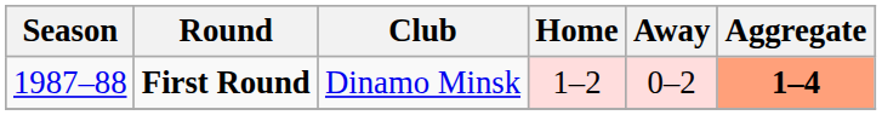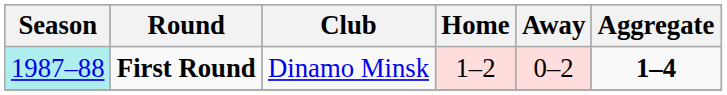 <table class="wikitable">
 <tr>
 <th>Season</th>
 <th>Round</th>
 <th>Club</th>
 <th>Home</th>
 <th>Away</th>
 <th>Aggregate</th>
 </tr>
 <tr>
-<td><a href='#'>1987–88</a></td>
+<td style="background: paleturquoise;"><a href='#'>1987–88</a></td>
 <td><strong>First Round</strong></td>
 <td> <a href='#'>Dinamo Minsk</a></td>
 <td style="text-align:center; background:#fdd;">1–2</td>
 <td style="text-align:center; background:#fdd;">0–2</td>
-<td style="background: lightsalmon; text-align:center;"><strong>1–4</strong></td>
+<td style="text-align:center;"><strong>1–4</strong></td>
 </tr>
 <tr>
 </tr>
 </table>
